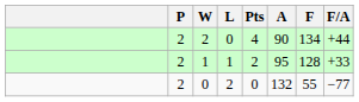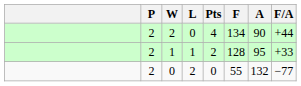 <table class=wikitable style="text-align:center">
 <tr>
 <th width=175></th>
 <th width=20>P</th>
 <th width=20>W</th>
 <th width=20>L</th>
 <th width=20>Pts</th>
+<th width=20>F</th>
 <th width=20>A</th>
-<th width=20>F</th>
 <th width=20>F/A</th>
 </tr>
 <tr style="background-color:#ccffcc;">
 <td style="text-align:left;"></td>
 <td>2</td>
 <td>2</td>
 <td>0</td>
 <td>4</td>
+<td>134</td>
 <td>90</td>
-<td>134</td>
 <td>+44</td>
 </tr>
 <tr style="background-color:#ccffcc;">
 <td style="text-align:left;"></td>
 <td>2</td>
 <td>1</td>
 <td>1</td>
 <td>2</td>
+<td>128</td>
 <td>95</td>
-<td>128</td>
 <td>+33</td>
 </tr>
 <tr>
 <td style="text-align:left;"></td>
 <td>2</td>
 <td>0</td>
 <td>2</td>
 <td>0</td>
+<td>55</td>
 <td>132</td>
-<td>55</td>
 <td>−77</td>
 </tr>
 </table>
